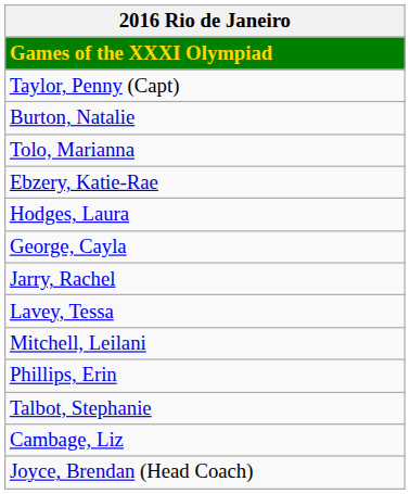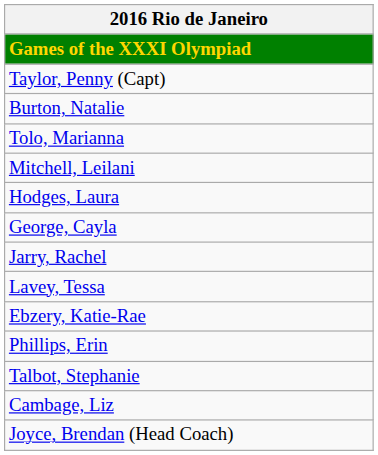 <table class="wikitable collapsible autocollapse" width=25%>
 <tr>
 <th>2016 Rio de Janeiro</th>
 </tr>
 <tr>
 <td bgcolor=green style="color:gold; width:200px"><strong>Games of the XXXI Olympiad</strong></td>
 </tr>
 <tr>
 <td><a href='#'>Taylor, Penny</a> (Capt)</td>
 </tr>
 <tr>
 <td><a href='#'>Burton, Natalie</a></td>
 </tr>
 <tr>
 <td><a href='#'>Tolo, Marianna</a></td>
 </tr>
 <tr>
-<td><a href='#'>Ebzery, Katie-Rae</a></td>
+<td><a href='#'>Mitchell, Leilani</a></td>
 </tr>
 <tr>
 <td><a href='#'>Hodges, Laura</a></td>
 </tr>
 <tr>
 <td><a href='#'>George, Cayla</a></td>
 </tr>
 <tr>
 <td><a href='#'>Jarry, Rachel</a></td>
 </tr>
 <tr>
 <td><a href='#'>Lavey, Tessa</a></td>
 </tr>
 <tr>
-<td><a href='#'>Mitchell, Leilani</a></td>
+<td><a href='#'>Ebzery, Katie-Rae</a></td>
 </tr>
 <tr>
 <td><a href='#'>Phillips, Erin</a></td>
 </tr>
 <tr>
 <td><a href='#'>Talbot, Stephanie</a></td>
 </tr>
 <tr>
 <td><a href='#'>Cambage, Liz</a></td>
 </tr>
 <tr>
 <td><a href='#'>Joyce, Brendan</a> (Head Coach)</td>
 </tr>
 </table>
